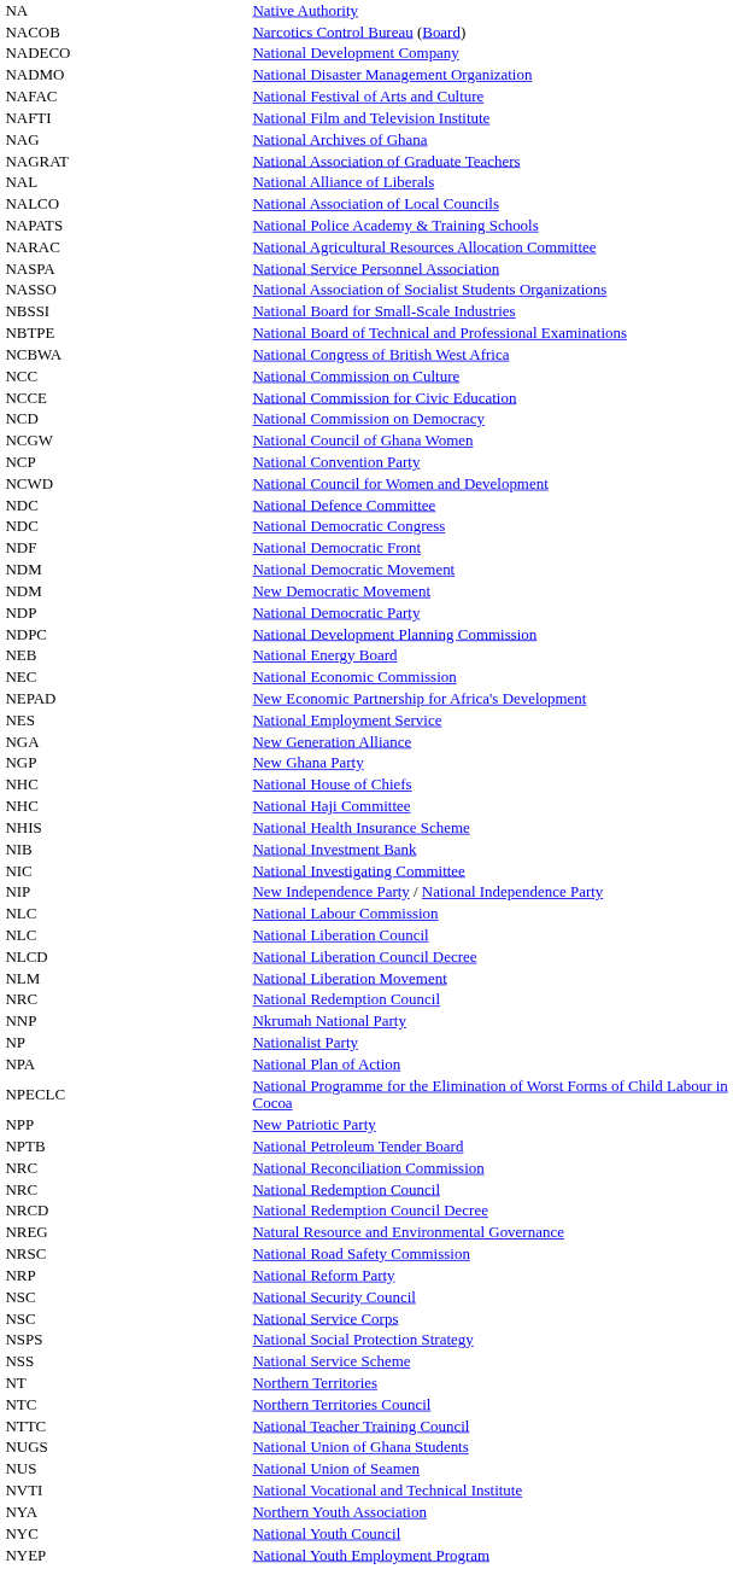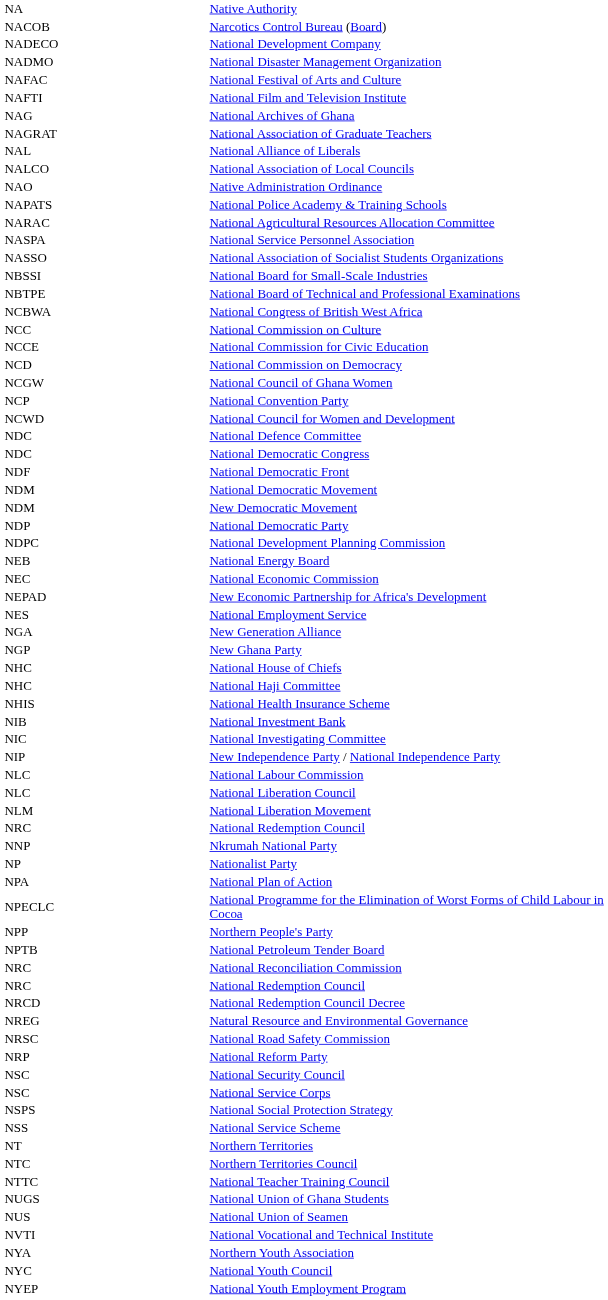 <table width="100%" style="text-verticalalign:top">
 <tr>
 <td width="20%">NA</td>
 <td width="40%"><a href='#'>Native Authority</a></td>
 <td width="40%"></td>
 </tr>
 <tr>
 <td>NACOB</td>
 <td><a href='#'>Narcotics Control Bureau</a> (<a href='#'>Board</a>)</td>
 <td></td>
 </tr>
 <tr>
 <td>NADECO</td>
 <td><a href='#'>National Development Company</a></td>
 <td></td>
 </tr>
 <tr>
 <td>NADMO</td>
 <td><a href='#'>National Disaster Management Organization</a></td>
 <td></td>
 </tr>
 <tr>
 <td>NAFAC</td>
 <td><a href='#'>National Festival of Arts and Culture</a></td>
 <td></td>
 </tr>
 <tr>
 <td>NAFTI</td>
 <td><a href='#'>National Film and Television Institute</a></td>
 <td></td>
 </tr>
 <tr>
 <td>NAG</td>
 <td><a href='#'>National Archives of Ghana</a></td>
 <td></td>
 </tr>
 <tr>
 <td>NAGRAT</td>
 <td><a href='#'>National Association of Graduate Teachers</a></td>
 <td></td>
 </tr>
 <tr>
 <td>NAL</td>
 <td><a href='#'>National Alliance of Liberals</a></td>
 <td></td>
 </tr>
 <tr>
 <td>NALCO</td>
 <td><a href='#'>National Association of Local Councils</a></td>
+<td></td>
+</tr>
+<tr>
+<td>NAO</td>
+<td><a href='#'>Native Administration Ordinance</a></td>
 <td></td>
 </tr>
 <tr>
 <td>NAPATS</td>
 <td><a href='#'>National Police Academy & Training Schools</a></td>
 <td></td>
 </tr>
 <tr>
 <td>NARAC</td>
 <td><a href='#'>National Agricultural Resources Allocation Committee</a></td>
 <td></td>
 </tr>
 <tr>
 <td>NASPA</td>
 <td><a href='#'>National Service Personnel Association</a></td>
 <td></td>
 </tr>
 <tr>
 <td>NASSO</td>
 <td><a href='#'>National Association of Socialist Students Organizations</a></td>
 <td></td>
 </tr>
 <tr>
 <td>NBSSI</td>
 <td><a href='#'>National Board for Small-Scale Industries</a></td>
 <td></td>
 </tr>
 <tr>
 <td>NBTPE</td>
 <td><a href='#'>National Board of Technical and Professional Examinations</a></td>
 <td></td>
 </tr>
 <tr>
 <td>NCBWA</td>
 <td><a href='#'>National Congress of British West Africa</a></td>
 <td></td>
 </tr>
 <tr>
 <td>NCC</td>
 <td><a href='#'>National Commission on Culture</a></td>
 <td></td>
 </tr>
 <tr>
 <td>NCCE</td>
 <td><a href='#'>National Commission for Civic Education</a></td>
 <td></td>
 </tr>
 <tr>
 <td>NCD</td>
 <td><a href='#'>National Commission on Democracy</a></td>
 <td></td>
 </tr>
 <tr>
 <td>NCGW</td>
 <td><a href='#'>National Council of Ghana Women</a></td>
 <td></td>
 </tr>
 <tr>
 <td>NCP</td>
 <td><a href='#'>National Convention Party</a></td>
 <td></td>
 </tr>
 <tr>
 <td>NCWD</td>
 <td><a href='#'>National Council for Women and Development</a></td>
 <td></td>
 </tr>
 <tr>
 <td>NDC</td>
 <td><a href='#'>National Defence Committee</a></td>
 <td></td>
 </tr>
 <tr>
 <td>NDC</td>
 <td><a href='#'>National Democratic Congress</a></td>
 <td></td>
 </tr>
 <tr>
 <td>NDF</td>
 <td><a href='#'>National Democratic Front</a></td>
 <td></td>
 </tr>
 <tr>
 <td>NDM</td>
 <td><a href='#'>National Democratic Movement</a></td>
 <td></td>
 </tr>
 <tr>
 <td>NDM</td>
 <td><a href='#'>New Democratic Movement</a></td>
 <td></td>
 </tr>
 <tr>
 <td>NDP</td>
 <td><a href='#'>National Democratic Party</a></td>
 <td></td>
 </tr>
 <tr>
 <td>NDPC</td>
 <td><a href='#'>National Development Planning Commission</a></td>
 <td></td>
 </tr>
 <tr>
 <td>NEB</td>
 <td><a href='#'>National Energy Board</a></td>
 <td></td>
 </tr>
 <tr>
 <td>NEC</td>
 <td><a href='#'>National Economic Commission</a></td>
 <td></td>
 </tr>
 <tr>
 <td>NEPAD</td>
 <td><a href='#'>New Economic Partnership for Africa's Development</a></td>
 <td></td>
 </tr>
 <tr>
 <td>NES</td>
 <td><a href='#'>National Employment Service</a></td>
 <td></td>
 </tr>
 <tr>
 <td>NGA</td>
 <td><a href='#'>New Generation Alliance</a></td>
 <td></td>
 </tr>
 <tr>
 <td>NGP</td>
 <td><a href='#'>New Ghana Party</a></td>
 <td></td>
 </tr>
 <tr>
 <td>NHC</td>
 <td><a href='#'>National House of Chiefs</a></td>
 <td></td>
 </tr>
 <tr>
 <td>NHC</td>
 <td><a href='#'>National Haji Committee</a></td>
 <td></td>
 </tr>
 <tr>
 <td>NHIS</td>
 <td><a href='#'>National Health Insurance Scheme</a></td>
 <td></td>
 </tr>
 <tr>
 <td>NIB</td>
 <td><a href='#'>National Investment Bank</a></td>
 <td></td>
 </tr>
 <tr>
 <td>NIC</td>
 <td><a href='#'>National Investigating Committee</a></td>
 <td></td>
 </tr>
 <tr>
 <td>NIP</td>
 <td><a href='#'>New Independence Party</a> / <a href='#'>National Independence Party</a></td>
 <td></td>
 </tr>
 <tr>
 <td>NLC</td>
 <td><a href='#'>National Labour Commission</a></td>
 <td></td>
 </tr>
 <tr>
 <td>NLC</td>
 <td><a href='#'>National Liberation Council</a></td>
 <td></td>
 </tr>
 <tr>
-<td>NLCD</td>
-<td><a href='#'>National Liberation Council Decree</a></td>
-<td></td>
-</tr>
-<tr>
 <td>NLM</td>
 <td><a href='#'>National Liberation Movement</a></td>
 <td></td>
 </tr>
 <tr>
 <td>NRC</td>
 <td><a href='#'>National Redemption Council</a></td>
 <td></td>
 </tr>
 <tr>
 <td>NNP</td>
 <td><a href='#'>Nkrumah National Party</a></td>
 <td></td>
 </tr>
 <tr>
 <td>NP</td>
 <td><a href='#'>Nationalist Party</a></td>
 <td></td>
 </tr>
 <tr>
 <td>NPA</td>
 <td><a href='#'>National Plan of Action</a></td>
 <td></td>
 </tr>
 <tr>
 <td>NPECLC</td>
 <td><a href='#'>National Programme for the Elimination of Worst Forms of Child Labour in Cocoa</a></td>
 <td></td>
 </tr>
 <tr>
 <td>NPP</td>
-<td><a href='#'>New Patriotic Party</a></td>
+<td><a href='#'>Northern People's Party</a></td>
 <td></td>
 </tr>
 <tr>
 <td>NPTB</td>
 <td><a href='#'>National Petroleum Tender Board</a></td>
 <td></td>
 </tr>
 <tr>
 <td>NRC</td>
 <td><a href='#'>National Reconciliation Commission</a></td>
 <td></td>
 </tr>
 <tr>
 <td>NRC</td>
 <td><a href='#'>National Redemption Council</a></td>
 <td></td>
 </tr>
 <tr>
 <td>NRCD</td>
 <td><a href='#'>National Redemption Council Decree</a></td>
 <td></td>
 </tr>
 <tr>
 <td>NREG</td>
 <td><a href='#'>Natural Resource and Environmental Governance</a></td>
 <td></td>
 </tr>
 <tr>
 <td>NRSC</td>
 <td><a href='#'>National Road Safety Commission</a></td>
 <td></td>
 </tr>
 <tr>
 <td>NRP</td>
 <td><a href='#'>National Reform Party</a></td>
 <td></td>
 </tr>
 <tr>
 <td>NSC</td>
 <td><a href='#'>National Security Council</a></td>
 <td></td>
 </tr>
 <tr>
 <td>NSC</td>
 <td><a href='#'>National Service Corps</a></td>
 <td></td>
 </tr>
 <tr>
 <td>NSPS</td>
 <td><a href='#'>National Social Protection Strategy</a></td>
 <td></td>
 </tr>
 <tr>
 <td>NSS</td>
 <td><a href='#'>National Service Scheme</a></td>
 <td></td>
 </tr>
 <tr>
 <td>NT</td>
 <td><a href='#'>Northern Territories</a></td>
 <td></td>
 </tr>
 <tr>
 <td>NTC</td>
 <td><a href='#'>Northern Territories Council</a></td>
 <td></td>
 </tr>
 <tr>
 <td>NTTC</td>
 <td><a href='#'>National Teacher Training Council</a></td>
 <td></td>
 </tr>
 <tr>
 <td>NUGS</td>
 <td><a href='#'>National Union of Ghana Students</a></td>
 <td></td>
 </tr>
 <tr>
 <td>NUS</td>
 <td><a href='#'>National Union of Seamen</a></td>
 <td></td>
 </tr>
 <tr>
 <td>NVTI</td>
 <td><a href='#'>National Vocational and Technical Institute</a></td>
 <td></td>
 </tr>
 <tr>
 <td>NYA</td>
 <td><a href='#'>Northern Youth Association</a></td>
 <td></td>
 </tr>
 <tr>
 <td>NYC</td>
 <td><a href='#'>National Youth Council</a></td>
 <td></td>
 </tr>
 <tr>
 <td>NYEP</td>
 <td><a href='#'>National Youth Employment Program</a></td>
 <td></td>
 </tr>
 </table>
